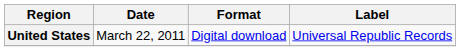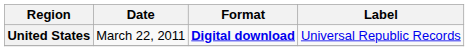 <table class="wikitable plainrowheaders">
 <tr>
 <th>Region</th>
 <th>Date</th>
 <th>Format</th>
 <th>Label</th>
 </tr>
 <tr>
 <th scope="row">United States</th>
 <td>March 22, 2011</td>
-<td><a href='#'>Digital download</a></td>
+<td><strong><a href='#'>Digital download</a></strong></td>
 <td><a href='#'>Universal Republic Records</a></td>
 </tr>
 <tr>
 </tr>
 </table>
